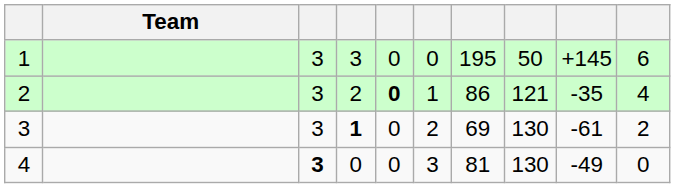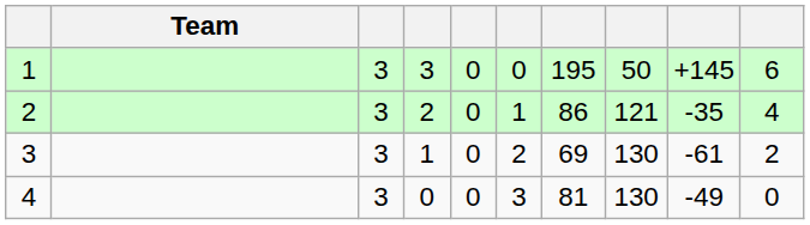 <table class=wikitable style=text-align:center>
 <tr>
 <th width=20 abbr=Position></th>
 <th width=175>Team</th>
 <th width=20 abbr=Played></th>
 <th width=20 abbr=Won></th>
 <th width=20 abbr=Drawn></th>
 <th width=20 abbr=Lost></th>
 <th width=30 abbr=Goal for></th>
 <th width=30 abbr=Goal against></th>
 <th width=30 abbr=Goal difference></th>
 <th width=30 abbr=Points></th>
 </tr>
 <tr bgcolor=#CCFFCC>
 <td>1</td>
 <td align=left></td>
 <td>3</td>
 <td>3</td>
 <td>0</td>
 <td>0</td>
 <td>195</td>
 <td>50</td>
 <td>+145</td>
 <td>6</td>
 </tr>
 <tr bgcolor=#CCFFCC>
 <td>2</td>
 <td align=left></td>
 <td>3</td>
 <td>2</td>
-<td><strong>0</strong></td>
+<td>0</td>
 <td>1</td>
 <td>86</td>
 <td>121</td>
 <td>-35</td>
 <td>4</td>
 </tr>
 <tr>
 <td>3</td>
 <td align=left></td>
 <td>3</td>
-<td><strong>1</strong></td>
+<td>1</td>
 <td>0</td>
 <td>2</td>
 <td>69</td>
 <td>130</td>
 <td>-61</td>
 <td>2</td>
 </tr>
 <tr>
 <td>4</td>
 <td align=left></td>
-<td><strong>3</strong></td>
+<td>3</td>
 <td>0</td>
 <td>0</td>
 <td>3</td>
 <td>81</td>
 <td>130</td>
 <td>-49</td>
 <td>0</td>
 </tr>
 </table>
